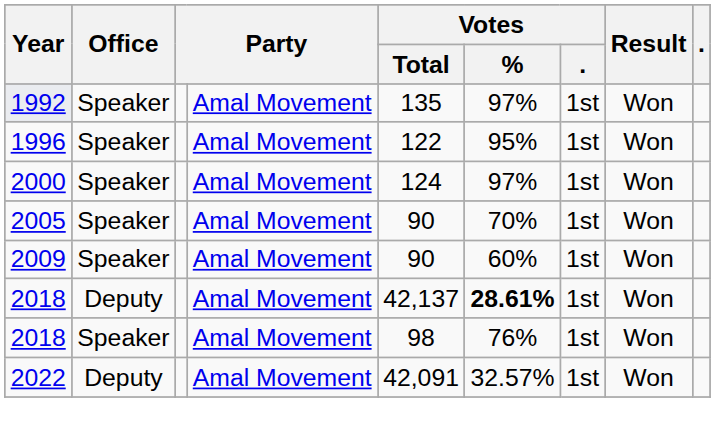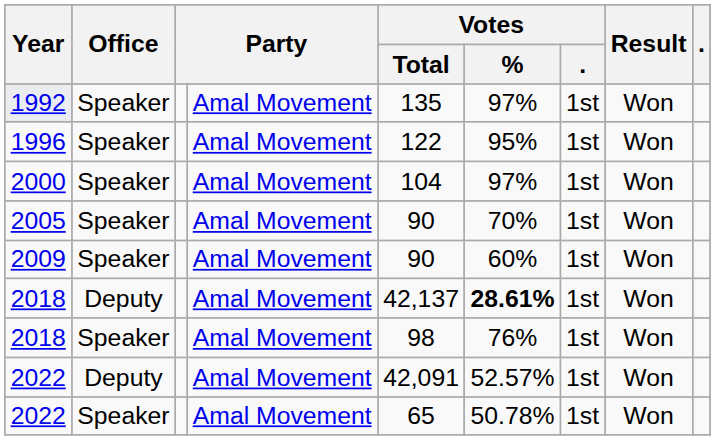 <table class="wikitable" style="font-size: 90%; text-align:center;">
 <tr>
 <th rowspan="2">Year</th>
 <th rowspan="2">Office</th>
 <th colspan="2" rowspan="2">Party</th>
 <th colspan="3">Votes</th>
 <th rowspan="2">Result</th>
 <th rowspan="2">.</th>
 </tr>
 <tr>
 <th>Total</th>
 <th>%</th>
 <th>.</th>
 </tr>
 <tr>
 <td style="background-color:#EAECF0;"><a href='#'>1992</a></td>
 <td>Speaker</td>
 <td style="background-color:"></td>
 <td><a href='#'>Amal Movement</a></td>
 <td>135</td>
 <td>97%</td>
 <td>1st</td>
 <td>Won</td>
 <td></td>
 </tr>
 <tr>
 <td><a href='#'>1996</a></td>
 <td>Speaker</td>
 <td style="background-color:"></td>
 <td><a href='#'>Amal Movement</a></td>
 <td>122</td>
 <td>95%</td>
 <td>1st</td>
 <td>Won</td>
 <td></td>
 </tr>
 <tr>
 <td><a href='#'>2000</a></td>
 <td>Speaker</td>
 <td style="background-color:"></td>
 <td><a href='#'>Amal Movement</a></td>
-<td>124</td>
+<td>104</td>
 <td>97%</td>
 <td>1st</td>
 <td>Won</td>
 <td></td>
 </tr>
 <tr>
 <td><a href='#'>2005</a></td>
 <td>Speaker</td>
 <td style="background-color:"></td>
 <td><a href='#'>Amal Movement</a></td>
 <td>90</td>
 <td>70%</td>
 <td>1st</td>
 <td>Won</td>
 <td></td>
 </tr>
 <tr>
 <td><a href='#'>2009</a></td>
 <td>Speaker</td>
 <td style="background-color:"></td>
 <td><a href='#'>Amal Movement</a></td>
 <td>90</td>
 <td>60%</td>
 <td>1st</td>
 <td>Won</td>
 <td></td>
 </tr>
 <tr>
 <td><a href='#'>2018</a></td>
 <td>Deputy</td>
 <td style="background-color:"></td>
 <td><a href='#'>Amal Movement</a></td>
 <td>42,137</td>
 <td><strong>28.61%</strong></td>
 <td>1st</td>
 <td>Won</td>
 <td></td>
 </tr>
 <tr>
 <td><a href='#'>2018</a></td>
 <td>Speaker</td>
 <td style="background-color:"></td>
 <td><a href='#'>Amal Movement</a></td>
 <td>98</td>
 <td>76%</td>
 <td>1st</td>
 <td>Won</td>
 <td></td>
 </tr>
 <tr>
 <td><a href='#'>2022</a></td>
 <td>Deputy</td>
 <td style="background-color:"></td>
 <td><a href='#'>Amal Movement</a></td>
 <td>42,091</td>
-<td>32.57%</td>
+<td>52.57%</td>
+<td>1st</td>
+<td>Won</td>
+<td></td>
+</tr>
+<tr>
+<td><a href='#'>2022</a></td>
+<td>Speaker</td>
+<td style="background-color:"></td>
+<td><a href='#'>Amal Movement</a></td>
+<td>65</td>
+<td>50.78%</td>
 <td>1st</td>
 <td>Won</td>
 <td></td>
 </tr>
 </table>
